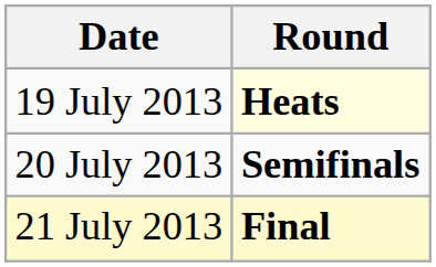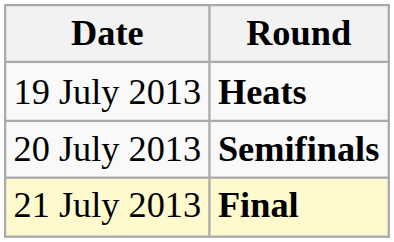 <table class="wikitable">
 <tr>
 <th>Date<br></th>
 <th>Round</th>
 </tr>
 <tr>
 <td>19 July 2013</td>
-<td style="background: lightyellow;"><strong>Heats</strong></td>
+<td><strong>Heats</strong></td>
 </tr>
 <tr>
 <td>20 July 2013</td>
 <td><strong>Semifinals</strong></td>
 </tr>
 <tr style=background:lemonchiffon>
 <td>21 July 2013</td>
 <td><strong>Final</strong></td>
 </tr>
 </table>
